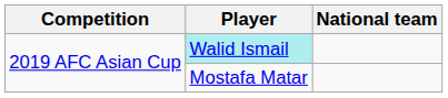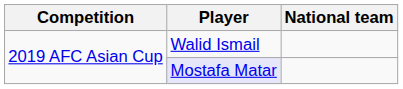 <table class="wikitable">
 <tr>
 <th>Competition</th>
 <th>Player</th>
 <th>National team</th>
 </tr>
 <tr>
 <td rowspan="2"><a href='#'>2019 AFC Asian Cup</a></td>
-<td style="background: paleturquoise;"><a href='#'>Walid Ismail</a></td>
+<td><a href='#'>Walid Ismail</a></td>
 <td></td>
 </tr>
 <tr>
-<td><a href='#'>Mostafa Matar</a></td>
+<td style="background: lavender;"><a href='#'>Mostafa Matar</a></td>
 <td></td>
 </tr>
 </table>
